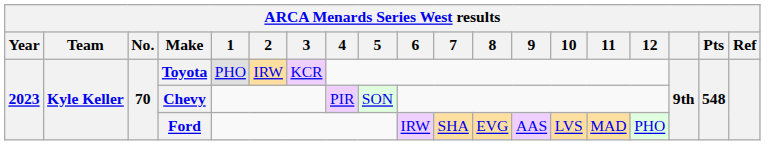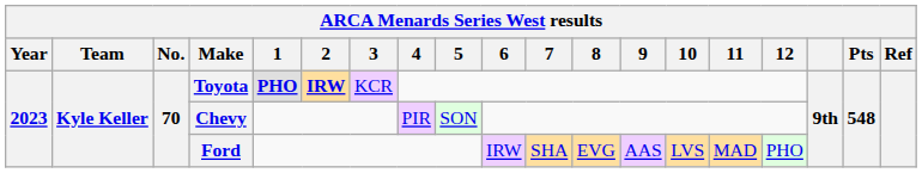 <table class="wikitable" style="text-align:center; font-size:75%">
 <tr>
 <th colspan="19"><a href='#'>ARCA Menards Series West</a> results</th>
 </tr>
 <tr>
 <th>Year</th>
 <th>Team</th>
 <th>No.</th>
 <th>Make</th>
 <th>1</th>
 <th>2</th>
 <th>3</th>
 <th>4</th>
 <th>5</th>
 <th>6</th>
 <th>7</th>
 <th>8</th>
 <th>9</th>
 <th>10</th>
 <th>11</th>
 <th>12</th>
 <th></th>
 <th>Pts</th>
 <th>Ref</th>
 </tr>
 <tr>
 <th rowspan=3><a href='#'>2023</a></th>
 <th rowspan=3><a href='#'>Kyle Keller</a></th>
 <th rowspan="3">70</th>
 <th><a href='#'>Toyota</a></th>
-<td style="background:#DFDFDF;"><a href='#'>PHO</a><br></td>
-<td style="background:#FFDF9F;"><a href='#'>IRW</a><br></td>
+<td style="background:#DFDFDF;"><strong><a href='#'>PHO</a><br></strong></td>
+<td style="background:#FFDF9F;"><strong><a href='#'>IRW</a><br></strong></td>
 <td style="background:#EFCFFF;"><a href='#'>KCR</a><br></td>
 <td colspan=9></td>
 <th rowspan=3>9th</th>
 <th rowspan=3>548</th>
 <th rowspan=3></th>
 </tr>
 <tr>
 <th><a href='#'>Chevy</a></th>
 <td colspan=3></td>
 <td style="background:#EFCFFF;"><a href='#'>PIR</a><br></td>
 <td style="background:#DFFFDF;"><a href='#'>SON</a><br></td>
 <td colspan=7></td>
 </tr>
 <tr>
 <th><a href='#'>Ford</a></th>
 <td colspan=5></td>
 <td style="background:#EFCFFF;"><a href='#'>IRW</a><br></td>
 <td style="background:#FFDF9F;"><a href='#'>SHA</a><br></td>
 <td style="background:#FFDF9F;"><a href='#'>EVG</a><br></td>
 <td style="background:#EFCFFF;"><a href='#'>AAS</a><br></td>
 <td style="background:#FFDF9F;"><a href='#'>LVS</a><br></td>
 <td style="background:#FFDF9F;"><a href='#'>MAD</a><br></td>
 <td style="background:#DFFFDF;"><a href='#'>PHO</a><br></td>
 </tr>
 </table>
